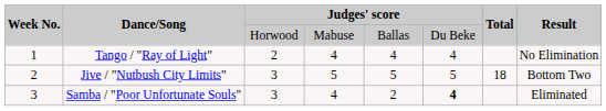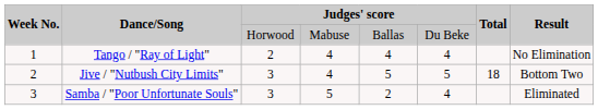 <table class="wikitable collapsible collapsed">
 <tr>
 <th rowspan="2" style="background:#ccc; text-align:Center;"><strong>Week No.</strong></th>
 <th rowspan="2" style="background:#ccc; text-align:Center;"><strong>Dance/Song</strong></th>
 <th colspan="4" style="background:#ccc; text-align:Center;"><strong>Judges' score</strong></th>
 <th rowspan="2" style="background:#ccc; text-align:Center;"><strong>Total</strong></th>
 <th rowspan="2" style="background:#ccc; text-align:Center;"><strong>Result</strong></th>
 </tr>
 <tr style="text-align:center; background:#ccc;">
 <td style="width:10%; ">Horwood</td>
 <td style="width:10%; ">Mabuse</td>
 <td style="width:10%; ">Ballas</td>
 <td style="width:10%; ">Du Beke</td>
 </tr>
 <tr style="text-align:center; background:#faf6f6">
 <td>1</td>
 <td><a href='#'>Tango</a> / "<a href='#'>Ray of Light</a>"</td>
 <td>2</td>
 <td>4</td>
 <td>4</td>
 <td>4</td>
 <td></td>
 <td>No Elimination</td>
 </tr>
 <tr style="text-align:center; background:#faf6f6">
 <td>2</td>
 <td><a href='#'>Jive</a> / "<a href='#'>Nutbush City Limits</a>"</td>
 <td>3</td>
-<td>5</td>
+<td>4</td>
 <td>5</td>
 <td>5</td>
 <td>18</td>
 <td>Bottom Two</td>
 </tr>
 <tr style="text-align:center; background:#faf6f6">
 <td>3</td>
 <td><a href='#'>Samba</a> / "<a href='#'>Poor Unfortunate Souls</a>"</td>
 <td>3</td>
+<td>5</td>
+<td>2</td>
 <td>4</td>
-<td>2</td>
-<td><strong>4</strong></td>
 <td></td>
 <td>Eliminated</td>
 </tr>
 </table>
